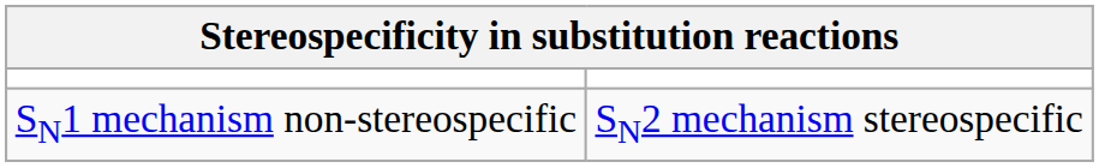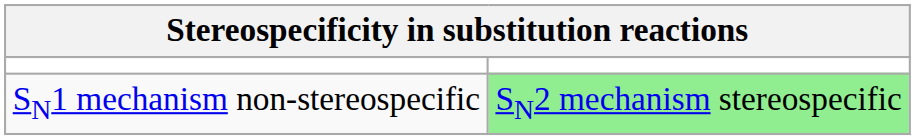 <table align="center" class="wikitable">
 <tr>
 <th colspan="2">Stereospecificity in substitution reactions</th>
 </tr>
 <tr>
 <td bgcolor="#FFFFFF"></td>
 <td bgcolor="#FFFFFF"></td>
 </tr>
 <tr>
 <td><a href='#'>S<sub>N</sub>1 mechanism</a> non-stereospecific</td>
-<td><a href='#'>S<sub>N</sub>2 mechanism</a> stereospecific</td>
+<td style="background: lightgreen;"><a href='#'>S<sub>N</sub>2 mechanism</a> stereospecific</td>
 </tr>
 </table>
